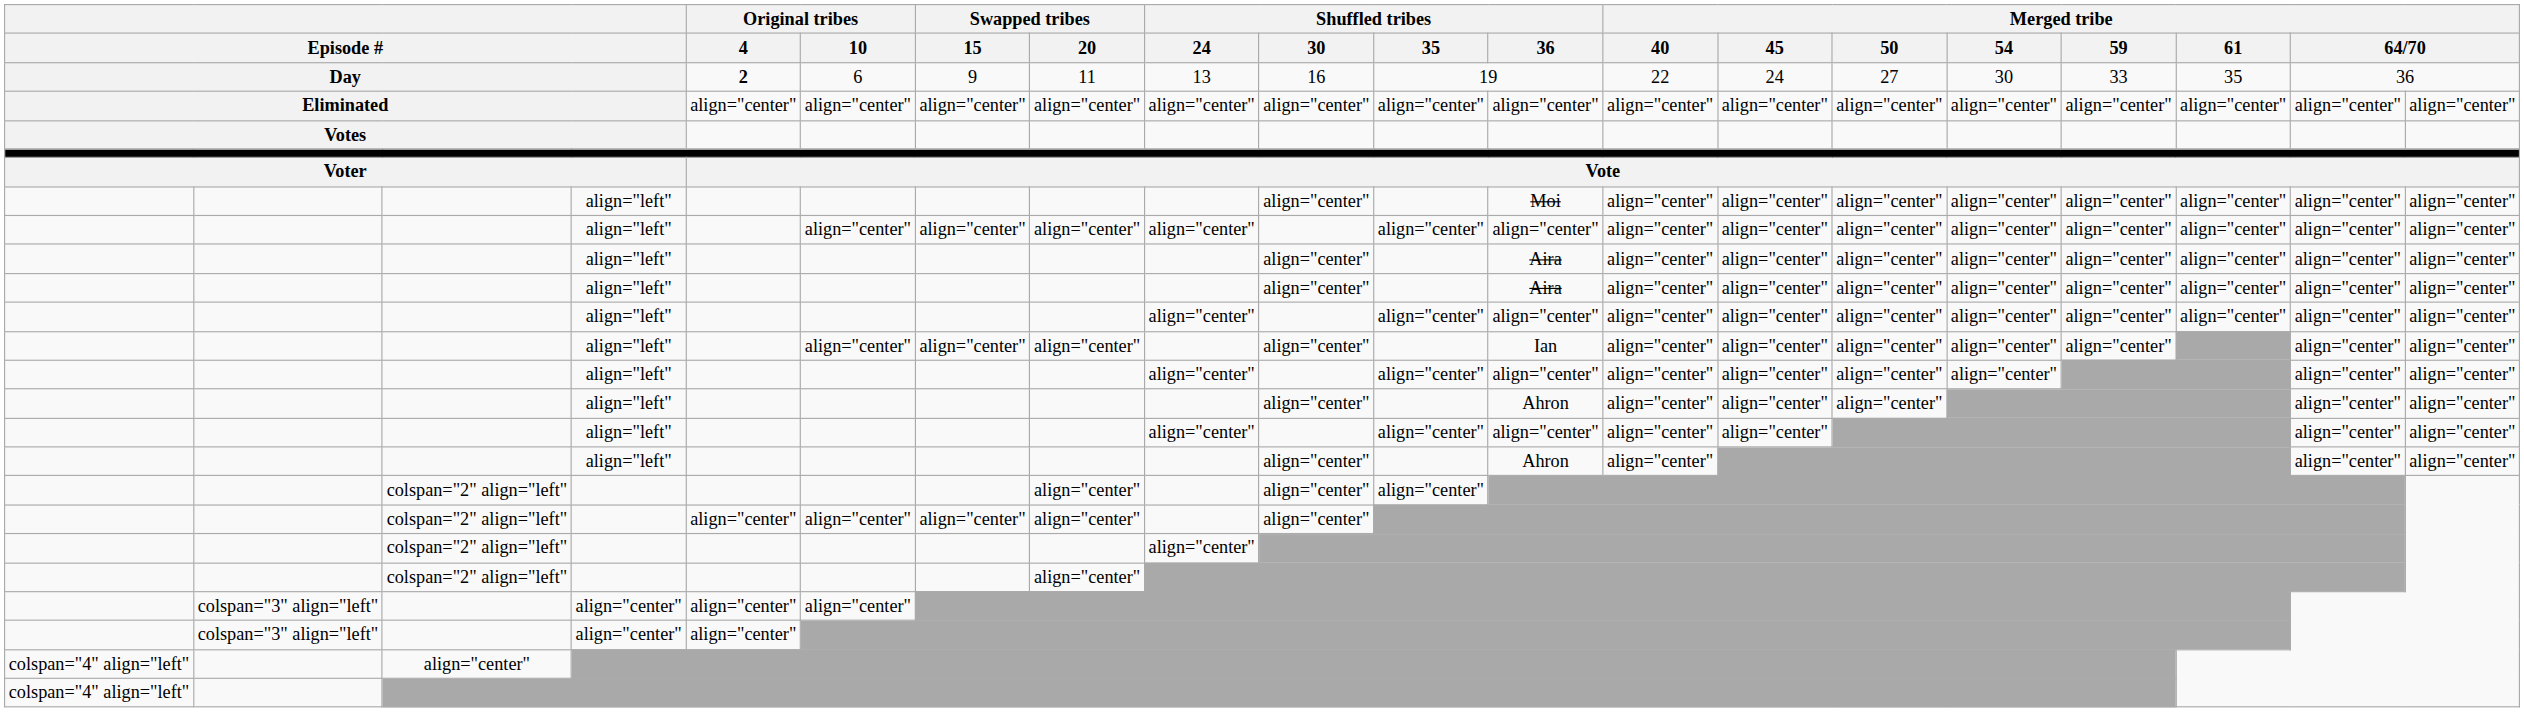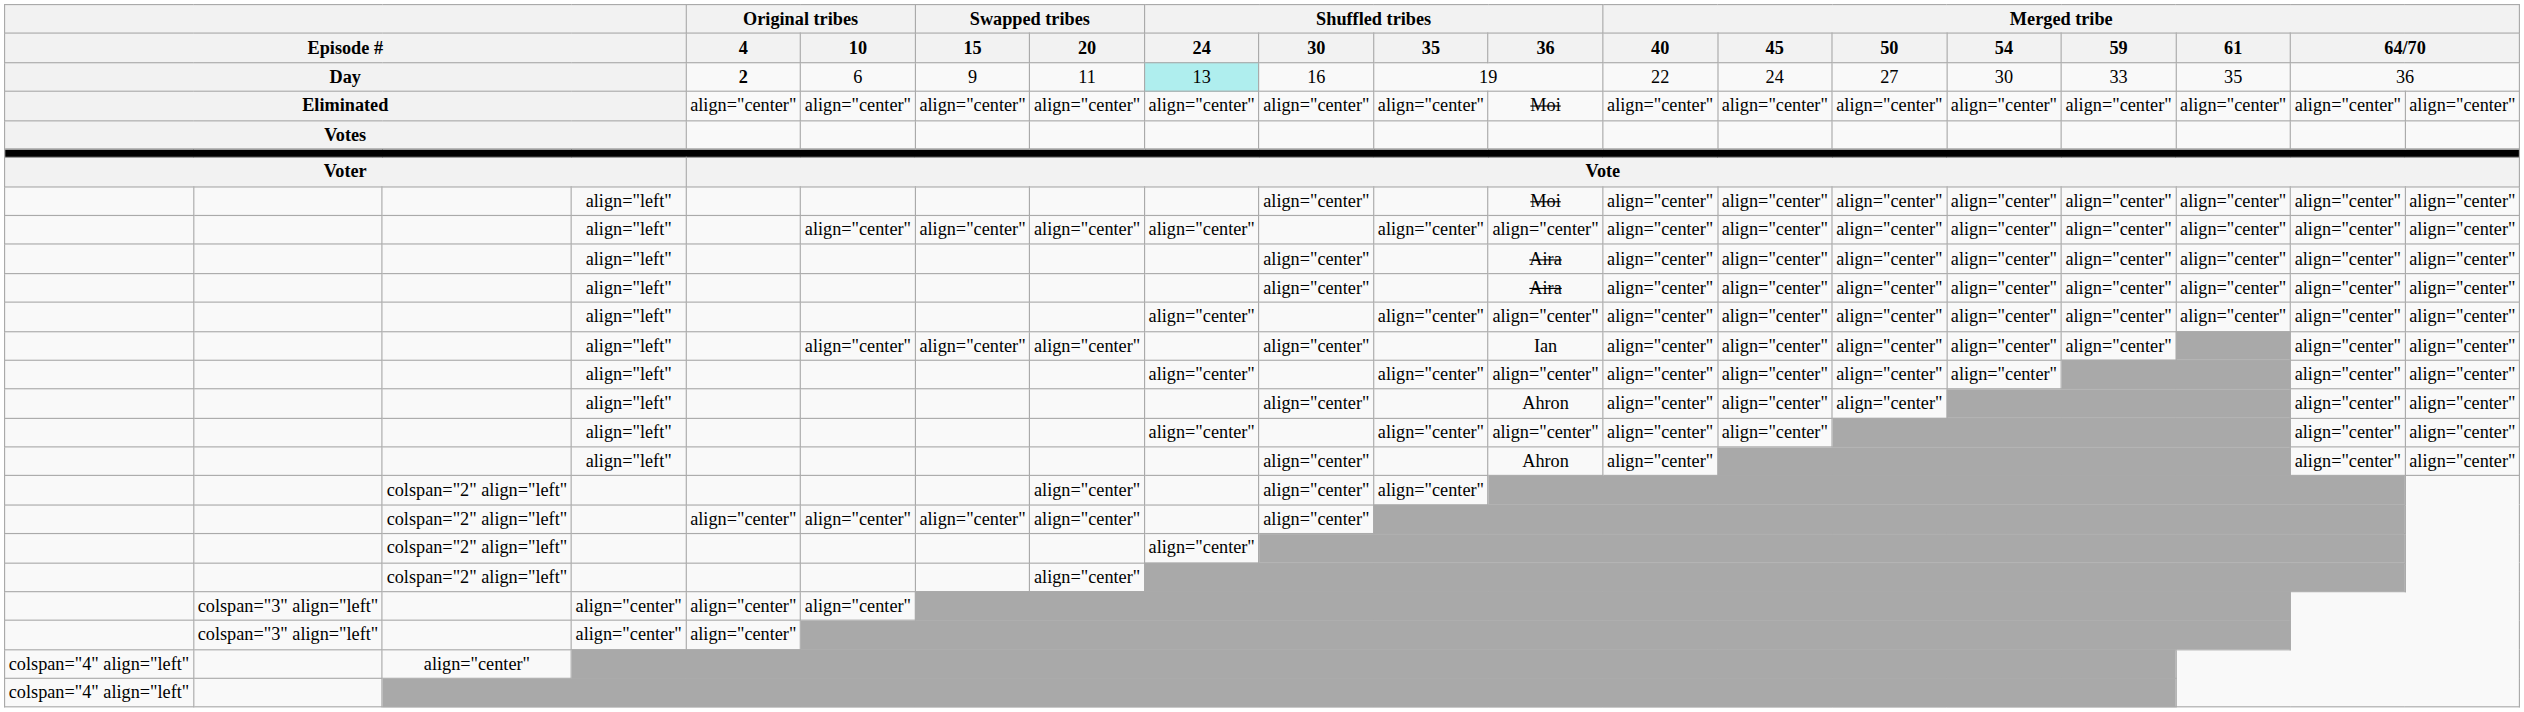 <table class="wikitable" style="text-align:center; white-space:nowrap; width:100%">
 <tr>
 <th colspan=4></th>
 <th align="center" colspan=2>Original tribes</th>
 <th align="center" colspan=2>Swapped tribes</th>
 <th align="center" colspan=4>Shuffled tribes</th>
 <th align="center" colspan=11>Merged tribe</th>
 </tr>
 <tr>
 <th align="center" colspan="4">Episode #</th>
 <th align="center">4</th>
 <th align="center">10</th>
 <th align="center">15</th>
 <th align="center">20</th>
 <th align="center">24</th>
 <th align="center">30</th>
 <th align="center">35</th>
 <th align="center">36</th>
 <th align="center">40</th>
 <th align="center">45</th>
 <th align="center">50</th>
 <th align="center">54</th>
 <th align="center">59</th>
 <th align="center">61</th>
 <th align="center" colspan=2>64/70</th>
 </tr>
 <tr>
 <th align="center" colspan="4">Day</th>
 <td align="center"><strong>2</strong></td>
 <td align="center">6</td>
 <td align="center">9</td>
 <td align="center">11</td>
-<td align="center">13</td>
+<td align="center" style="background: paleturquoise;">13</td>
 <td align="center">16</td>
 <td align="center" colspan=2>19</td>
 <td align="center">22</td>
 <td align="center">24</td>
 <td align="center">27</td>
 <td align="center">30</td>
 <td align="center">33</td>
 <td align="center">35</td>
 <td align="center" colspan=2>36</td>
 </tr>
 <tr>
 <th align="center" colspan="4">Eliminated</th>
 <td>align="center" </td>
 <td>align="center" </td>
 <td>align="center" </td>
 <td>align="center" </td>
 <td>align="center" </td>
 <td>align="center" </td>
 <td>align="center" </td>
-<td>align="center" </td>
+<td align="center"><span><s>Moi</s></span></td>
 <td>align="center" </td>
 <td>align="center" </td>
 <td>align="center" </td>
 <td>align="center" </td>
 <td>align="center" </td>
 <td>align="center" </td>
 <td>align="center" </td>
 <td>align="center" </td>
 </tr>
 <tr>
 <th align="center" colspan="4">Votes</th>
 <td></td>
 <td></td>
 <td></td>
 <td></td>
 <td></td>
 <td></td>
 <td></td>
 <td></td>
 <td></td>
 <td></td>
 <td></td>
 <td></td>
 <td></td>
 <td></td>
 <td></td>
 <td></td>
 </tr>
 <tr>
 <td colspan="20" bgcolor="black"></td>
 </tr>
 <tr>
 <th colspan="4">Voter</th>
 <th align="center" colspan=16>Vote</th>
 </tr>
 <tr>
 <td></td>
 <td></td>
 <td></td>
 <td>align="left" </td>
 <td></td>
 <td></td>
 <td></td>
 <td></td>
 <td></td>
 <td>align="center" </td>
 <td></td>
 <td align="center"><span><s>Moi</s></span></td>
 <td>align="center" </td>
 <td>align="center" </td>
 <td>align="center" </td>
 <td>align="center" </td>
 <td>align="center" </td>
 <td>align="center" </td>
 <td>align="center" </td>
 <td>align="center" </td>
 </tr>
 <tr>
 <td></td>
 <td></td>
 <td></td>
 <td>align="left" </td>
 <td></td>
 <td>align="center" </td>
 <td>align="center" </td>
 <td>align="center" </td>
 <td>align="center" </td>
 <td></td>
 <td>align="center" </td>
 <td>align="center" </td>
 <td>align="center" </td>
 <td>align="center" </td>
 <td>align="center" </td>
 <td>align="center" </td>
 <td>align="center" </td>
 <td>align="center" </td>
 <td>align="center" </td>
 <td>align="center" </td>
 </tr>
 <tr>
 <td></td>
 <td></td>
 <td></td>
 <td>align="left" </td>
 <td></td>
 <td></td>
 <td></td>
 <td></td>
 <td></td>
 <td>align="center" </td>
 <td></td>
 <td align="center"><span><s>Aira</s></span></td>
 <td>align="center" </td>
 <td>align="center" </td>
 <td>align="center" </td>
 <td>align="center" </td>
 <td>align="center" </td>
 <td>align="center" </td>
 <td>align="center" </td>
 <td>align="center" </td>
 </tr>
 <tr>
 <td></td>
 <td></td>
 <td></td>
 <td>align="left" </td>
 <td></td>
 <td></td>
 <td></td>
 <td></td>
 <td></td>
 <td>align="center" </td>
 <td></td>
 <td align="center"><span><s>Aira</s></span></td>
 <td>align="center" </td>
 <td>align="center" </td>
 <td>align="center" </td>
 <td>align="center" </td>
 <td>align="center" </td>
 <td>align="center" </td>
 <td>align="center" </td>
 <td>align="center" </td>
 </tr>
 <tr>
 <td></td>
 <td></td>
 <td></td>
 <td>align="left" </td>
 <td></td>
 <td></td>
 <td></td>
 <td></td>
 <td>align="center" </td>
 <td></td>
 <td>align="center" </td>
 <td>align="center" </td>
 <td>align="center" </td>
 <td>align="center" </td>
 <td>align="center" </td>
 <td>align="center" </td>
 <td>align="center" </td>
 <td>align="center" </td>
 <td>align="center" </td>
 <td>align="center" </td>
 </tr>
 <tr>
 <td></td>
 <td></td>
 <td></td>
 <td>align="left" </td>
 <td></td>
 <td>align="center" </td>
 <td>align="center" </td>
 <td>align="center" </td>
 <td></td>
 <td>align="center" </td>
 <td></td>
 <td align="center"><span>Ian</span></td>
 <td>align="center" </td>
 <td>align="center" </td>
 <td>align="center" </td>
 <td>align="center" </td>
 <td>align="center" </td>
 <td colspan=1 bgcolor="darkgray"></td>
 <td>align="center" </td>
 <td>align="center" </td>
 </tr>
 <tr>
 <td></td>
 <td></td>
 <td></td>
 <td>align="left" </td>
 <td></td>
 <td></td>
 <td></td>
 <td></td>
 <td>align="center" </td>
 <td></td>
 <td>align="center" </td>
 <td>align="center" </td>
 <td>align="center" </td>
 <td>align="center" </td>
 <td>align="center" </td>
 <td>align="center" </td>
 <td colspan=2 bgcolor="darkgray"></td>
 <td>align="center" </td>
 <td>align="center" </td>
 </tr>
 <tr>
 <td></td>
 <td></td>
 <td></td>
 <td>align="left" </td>
 <td></td>
 <td></td>
 <td></td>
 <td></td>
 <td></td>
 <td>align="center" </td>
 <td></td>
 <td align="center"><span>Ahron</span></td>
 <td>align="center" </td>
 <td>align="center" </td>
 <td>align="center" </td>
 <td colspan=3 bgcolor="darkgray"></td>
 <td>align="center" </td>
 <td>align="center" </td>
 </tr>
 <tr>
 <td></td>
 <td></td>
 <td></td>
 <td>align="left" </td>
 <td></td>
 <td></td>
 <td></td>
 <td></td>
 <td>align="center" </td>
 <td></td>
 <td>align="center" </td>
 <td>align="center" </td>
 <td>align="center" </td>
 <td>align="center" </td>
 <td colspan=4 bgcolor="darkgray"></td>
 <td>align="center" </td>
 <td>align="center" </td>
 </tr>
 <tr>
 <td></td>
 <td></td>
 <td></td>
 <td>align="left" </td>
 <td></td>
 <td></td>
 <td></td>
 <td></td>
 <td></td>
 <td>align="center" </td>
 <td></td>
 <td align="center"><span>Ahron</span></td>
 <td>align="center" </td>
 <td colspan=5 bgcolor="darkgray"></td>
 <td>align="center" </td>
 <td>align="center" </td>
 </tr>
 <tr>
 <td></td>
 <td></td>
 <td>colspan="2" align="left" </td>
 <td></td>
 <td></td>
 <td></td>
 <td></td>
 <td>align="center" </td>
 <td></td>
 <td>align="center" </td>
 <td>align="center" </td>
 <td colspan=8 bgcolor="darkgray"></td>
 </tr>
 <tr>
 <td></td>
 <td></td>
 <td>colspan="2" align="left" </td>
 <td></td>
 <td>align="center" </td>
 <td>align="center" </td>
 <td>align="center" </td>
 <td>align="center" </td>
 <td></td>
 <td>align="center" </td>
 <td colspan=9 bgcolor="darkgray"></td>
 </tr>
 <tr>
 <td></td>
 <td></td>
 <td>colspan="2" align="left" </td>
 <td></td>
 <td></td>
 <td></td>
 <td></td>
 <td></td>
 <td>align="center" </td>
 <td colspan=10 bgcolor="darkgray"></td>
 </tr>
 <tr>
 <td></td>
 <td></td>
 <td>colspan="2" align="left" </td>
 <td></td>
 <td></td>
 <td></td>
 <td></td>
 <td>align="center" </td>
 <td colspan=11 bgcolor="darkgray"></td>
 </tr>
 <tr>
 <td></td>
 <td>colspan="3" align="left" </td>
 <td></td>
 <td>align="center" </td>
 <td>align="center" </td>
 <td>align="center" </td>
 <td colspan=12 bgcolor="darkgray"></td>
 </tr>
 <tr>
 <td></td>
 <td>colspan="3" align="left" </td>
 <td></td>
 <td>align="center" </td>
 <td>align="center" </td>
 <td colspan=13 bgcolor="darkgray"></td>
 </tr>
 <tr>
 <td>colspan="4" align="left" </td>
 <td></td>
 <td>align="center" </td>
 <td colspan=14 bgcolor="darkgray"></td>
 </tr>
 <tr>
 <td>colspan="4" align="left" </td>
 <td></td>
 <td colspan=15 bgcolor="darkgray"></td>
 </tr>
 </table>
